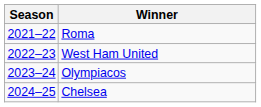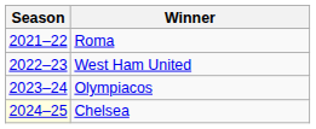 <table class="wikitable floatright" style="text-align:left; margin-top:15px; font-size:85%">
 <tr>
 <th scope="col">Season</th>
 <th scope="col" style="width:210px">Winner</th>
 </tr>
 <tr>
 <td style="text-align:center"><a href='#'>2021–22</a></td>
 <td> <a href='#'>Roma</a></td>
 </tr>
 <tr>
 <td style="text-align:center"><a href='#'>2022–23</a></td>
 <td> <a href='#'>West Ham United</a></td>
 </tr>
 <tr>
 <td style="text-align:center"><a href='#'>2023–24</a></td>
 <td> <a href='#'>Olympiacos</a></td>
 </tr>
 <tr>
-<td style="text-align:center"><a href='#'>2024–25</a></td>
+<td style="background: lightyellow; text-align:center"><a href='#'>2024–25</a></td>
 <td> <a href='#'>Chelsea</a></td>
 </tr>
 </table>
